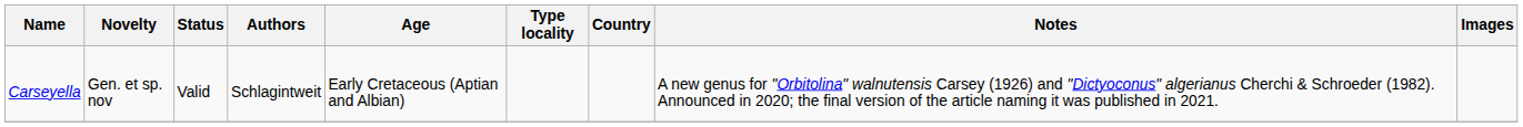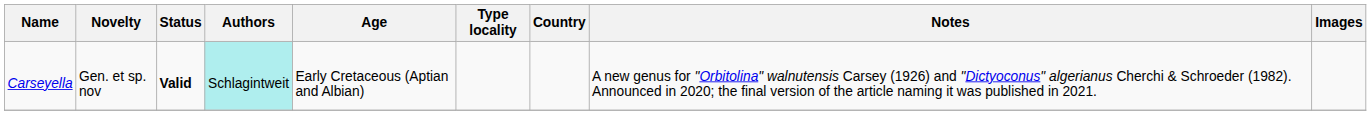 <table class="wikitable sortable" align="center" width="100%">
 <tr>
 <th>Name</th>
 <th>Novelty</th>
 <th>Status</th>
 <th>Authors</th>
 <th>Age</th>
 <th>Type locality</th>
 <th>Country</th>
 <th>Notes</th>
 <th>Images</th>
 </tr>
 <tr>
 <td><br><em><a href='#'>Carseyella</a></em></td>
 <td><br>Gen. et sp. nov</td>
-<td><br>Valid</td>
-<td><br>Schlagintweit</td>
+<td><strong><br>Valid</strong></td>
+<td style="background: paleturquoise;"><br>Schlagintweit</td>
 <td><br>Early Cretaceous (Aptian and Albian)</td>
 <td></td>
 <td><br><br><br><br></td>
 <td><br>A new genus for <em>"<a href='#'>Orbitolina</a>" walnutensis</em> Carsey (1926) and <em>"<a href='#'>Dictyoconus</a>" algerianus</em> Cherchi & Schroeder (1982). Announced in 2020; the final version of the article naming it was published in 2021.</td>
 <td></td>
 </tr>
 <tr>
 </tr>
 </table>
